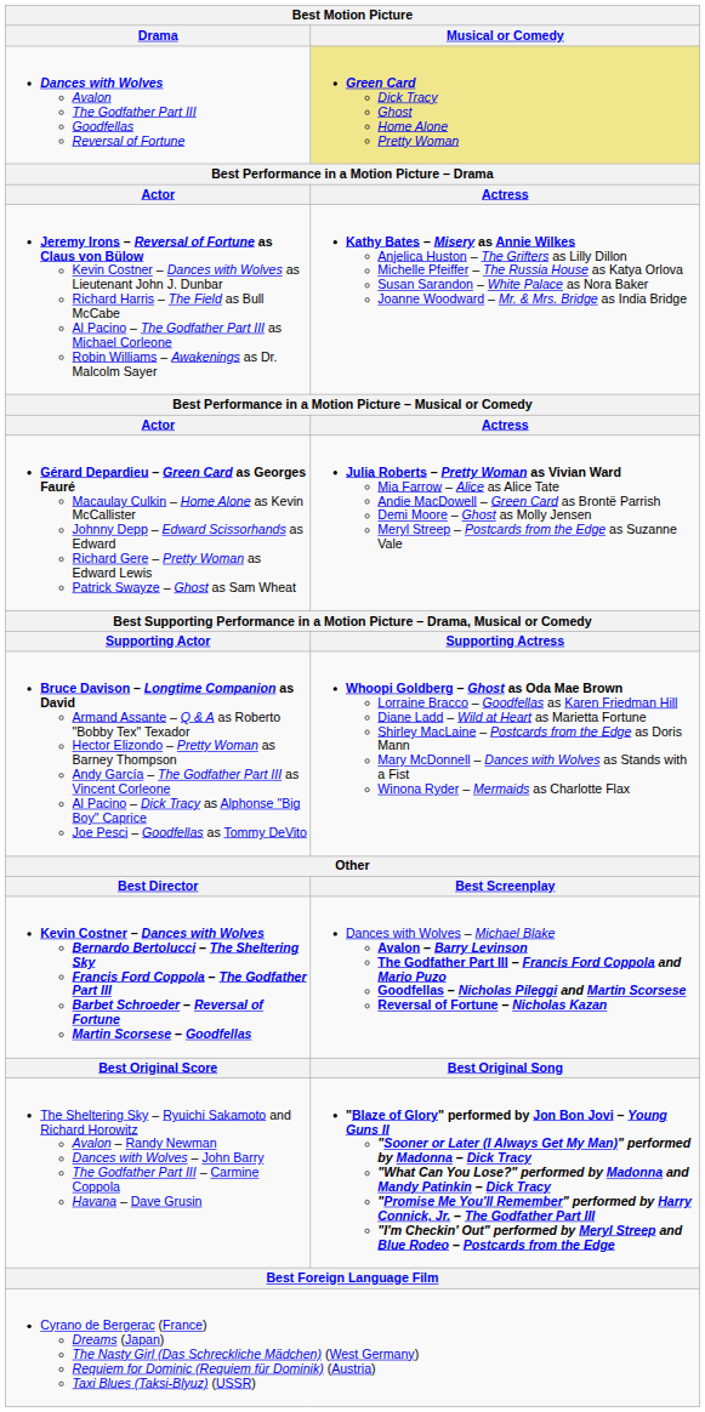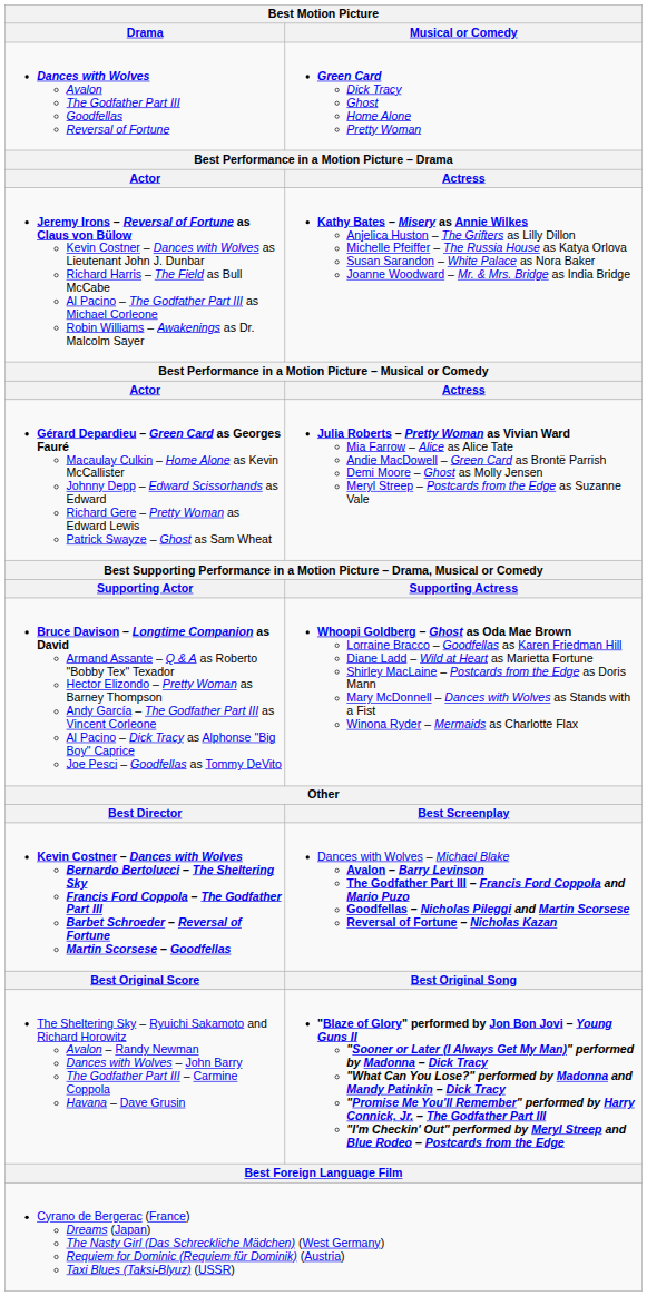 <table class="wikitable" style="width=100%">
 <tr>
 <th colspan="2">Best Motion Picture</th>
 </tr>
 <tr>
 <th style="width=50%"><a href='#'>Drama</a></th>
 <th style="width=50%"><a href='#'>Musical or Comedy</a></th>
 </tr>
 <tr>
 <td valign="top"><br><ul><li><strong><em><a href='#'>Dances with Wolves</a></em></strong><ul><li><em><a href='#'>Avalon</a></em></li><li><em><a href='#'>The Godfather Part III</a></em></li><li><em><a href='#'>Goodfellas</a></em></li><li><em><a href='#'>Reversal of Fortune</a></em></li></ul></li></ul></td>
-<td valign="top" style="background: khaki;"><br><ul><li><strong><em><a href='#'>Green Card</a></em></strong><ul><li><em><a href='#'>Dick Tracy</a></em></li><li><em><a href='#'>Ghost</a></em></li><li><em><a href='#'>Home Alone</a></em></li><li><em><a href='#'>Pretty Woman</a></em></li></ul></li></ul></td>
+<td valign="top"><br><ul><li><strong><em><a href='#'>Green Card</a></em></strong><ul><li><em><a href='#'>Dick Tracy</a></em></li><li><em><a href='#'>Ghost</a></em></li><li><em><a href='#'>Home Alone</a></em></li><li><em><a href='#'>Pretty Woman</a></em></li></ul></li></ul></td>
 </tr>
 <tr>
 <th colspan="2">Best Performance in a Motion Picture – Drama</th>
 </tr>
 <tr>
 <th><a href='#'>Actor</a></th>
 <th><a href='#'>Actress</a></th>
 </tr>
 <tr>
 <td valign="top"><br><ul><li><strong><a href='#'>Jeremy Irons</a> – <em><a href='#'>Reversal of Fortune</a></em> as <a href='#'>Claus von Bülow</a></strong><ul><li><a href='#'>Kevin Costner</a> – <em><a href='#'>Dances with Wolves</a></em> as Lieutenant John J. Dunbar</li><li><a href='#'>Richard Harris</a> – <em><a href='#'>The Field</a></em> as Bull McCabe</li><li><a href='#'>Al Pacino</a> – <em><a href='#'>The Godfather Part III</a></em> as <a href='#'>Michael Corleone</a></li><li><a href='#'>Robin Williams</a> – <em><a href='#'>Awakenings</a></em> as Dr. Malcolm Sayer</li></ul></li></ul></td>
 <td valign="top"><br><ul><li><strong><a href='#'>Kathy Bates</a> – <em><a href='#'>Misery</a></em> as <a href='#'>Annie Wilkes</a></strong><ul><li><a href='#'>Anjelica Huston</a> – <em><a href='#'>The Grifters</a></em> as Lilly Dillon</li><li><a href='#'>Michelle Pfeiffer</a> – <em><a href='#'>The Russia House</a></em> as Katya Orlova</li><li><a href='#'>Susan Sarandon</a> – <em><a href='#'>White Palace</a></em> as Nora Baker</li><li><a href='#'>Joanne Woodward</a> – <em><a href='#'>Mr. & Mrs. Bridge</a></em> as India Bridge</li></ul></li></ul></td>
 </tr>
 <tr>
 <th colspan="2">Best Performance in a Motion Picture – Musical or Comedy</th>
 </tr>
 <tr>
 <th><a href='#'>Actor</a></th>
 <th><a href='#'>Actress</a></th>
 </tr>
 <tr>
 <td valign="top"><br><ul><li><strong><a href='#'>Gérard Depardieu</a> – <em><a href='#'>Green Card</a></em> as Georges Fauré</strong><ul><li><a href='#'>Macaulay Culkin</a> – <em><a href='#'>Home Alone</a></em> as Kevin McCallister</li><li><a href='#'>Johnny Depp</a> – <em><a href='#'>Edward Scissorhands</a></em> as Edward</li><li><a href='#'>Richard Gere</a> – <em><a href='#'>Pretty Woman</a></em> as Edward Lewis</li><li><a href='#'>Patrick Swayze</a> – <em><a href='#'>Ghost</a></em> as Sam Wheat</li></ul></li></ul></td>
 <td valign="top"><br><ul><li><strong><a href='#'>Julia Roberts</a> – <em><a href='#'>Pretty Woman</a></em> as Vivian Ward</strong><ul><li><a href='#'>Mia Farrow</a> – <em><a href='#'>Alice</a></em> as Alice Tate</li><li><a href='#'>Andie MacDowell</a> – <em><a href='#'>Green Card</a></em> as Brontë Parrish</li><li><a href='#'>Demi Moore</a> – <em><a href='#'>Ghost</a></em> as Molly Jensen</li><li><a href='#'>Meryl Streep</a> – <em><a href='#'>Postcards from the Edge</a></em> as Suzanne Vale</li></ul></li></ul></td>
 </tr>
 <tr>
 <th colspan="2">Best Supporting Performance in a Motion Picture – Drama, Musical or Comedy</th>
 </tr>
 <tr>
 <th><a href='#'>Supporting Actor</a></th>
 <th><a href='#'>Supporting Actress</a></th>
 </tr>
 <tr>
 <td valign="top"><br><ul><li><strong><a href='#'>Bruce Davison</a> – <em><a href='#'>Longtime Companion</a></em> as David</strong><ul><li><a href='#'>Armand Assante</a> – <em><a href='#'>Q & A</a></em> as Roberto "Bobby Tex" Texador</li><li><a href='#'>Hector Elizondo</a> – <em><a href='#'>Pretty Woman</a></em> as Barney Thompson</li><li><a href='#'>Andy García</a> – <em><a href='#'>The Godfather Part III</a></em> as <a href='#'>Vincent Corleone</a></li><li><a href='#'>Al Pacino</a> – <em><a href='#'>Dick Tracy</a></em> as <a href='#'>Alphonse "Big Boy" Caprice</a></li><li><a href='#'>Joe Pesci</a> – <em><a href='#'>Goodfellas</a></em> as <a href='#'>Tommy DeVito</a></li></ul></li></ul></td>
 <td valign="top"><br><ul><li><strong><a href='#'>Whoopi Goldberg</a> – <em><a href='#'>Ghost</a></em> as Oda Mae Brown</strong><ul><li><a href='#'>Lorraine Bracco</a> – <em><a href='#'>Goodfellas</a></em> as <a href='#'>Karen Friedman Hill</a></li><li><a href='#'>Diane Ladd</a> – <em><a href='#'>Wild at Heart</a></em> as Marietta Fortune</li><li><a href='#'>Shirley MacLaine</a> – <em><a href='#'>Postcards from the Edge</a></em> as Doris Mann</li><li><a href='#'>Mary McDonnell</a> – <em><a href='#'>Dances with Wolves</a></em> as Stands with a Fist</li><li><a href='#'>Winona Ryder</a> – <em><a href='#'>Mermaids</a></em> as Charlotte Flax</li></ul></li></ul></td>
 </tr>
 <tr>
 <th colspan=2>Other</th>
 </tr>
 <tr>
 <th><a href='#'>Best Director</a></th>
 <th><a href='#'>Best Screenplay</a></th>
 </tr>
 <tr>
 <td valign="top"><br><ul><li><strong><a href='#'>Kevin Costner</a> – <em><a href='#'>Dances with Wolves</a><strong><em><ul><li><a href='#'>Bernardo Bertolucci</a> – </em><a href='#'>The Sheltering Sky</a><em></li><li><a href='#'>Francis Ford Coppola</a> – </em><a href='#'>The Godfather Part III</a><em></li><li><a href='#'>Barbet Schroeder</a> – </em><a href='#'>Reversal of Fortune</a><em></li><li><a href='#'>Martin Scorsese</a> – </em><a href='#'>Goodfellas</a><em></li></ul></li></ul></td>
 <td valign="top"><br><ul><li></strong> </em><a href='#'>Dances with Wolves</a><em> – <a href='#'>Michael Blake</a><strong><ul><li></em><a href='#'>Avalon</a><em> – <a href='#'>Barry Levinson</a></li><li></em><a href='#'>The Godfather Part III</a><em> – <a href='#'>Francis Ford Coppola</a> and <a href='#'>Mario Puzo</a></li><li></em><a href='#'>Goodfellas</a><em> – <a href='#'>Nicholas Pileggi</a> and <a href='#'>Martin Scorsese</a></li><li></em><a href='#'>Reversal of Fortune</a><em> – <a href='#'>Nicholas Kazan</a></li></ul></li></ul></td>
 </tr>
 <tr>
 <th><a href='#'>Best Original Score</a></th>
 <th><a href='#'>Best Original Song</a></th>
 </tr>
 <tr>
 <td valign="top"><br><ul><li></em></strong><a href='#'>The Sheltering Sky</a></em> – <a href='#'>Ryuichi Sakamoto</a> and <a href='#'>Richard Horowitz</a></strong><ul><li><em><a href='#'>Avalon</a></em> – <a href='#'>Randy Newman</a></li><li><em><a href='#'>Dances with Wolves</a></em> – <a href='#'>John Barry</a></li><li><em><a href='#'>The Godfather Part III</a></em> – <a href='#'>Carmine Coppola</a></li><li><em><a href='#'>Havana</a></em> – <a href='#'>Dave Grusin</a></li></ul></li></ul></td>
 <td valign="top"><br><ul><li><strong>"<a href='#'>Blaze of Glory</a>" performed by <a href='#'>Jon Bon Jovi</a> – <em><a href='#'>Young Guns II</a><strong><em><ul><li>"<a href='#'>Sooner or Later (I Always Get My Man)</a>" performed by <a href='#'>Madonna</a> – </em><a href='#'>Dick Tracy</a><em></li><li>"What Can You Lose?" performed by <a href='#'>Madonna</a> and <a href='#'>Mandy Patinkin</a> – </em><a href='#'>Dick Tracy</a><em></li><li>"<a href='#'>Promise Me You'll Remember</a>" performed by <a href='#'>Harry Connick, Jr.</a> – </em><a href='#'>The Godfather Part III</a><em></li><li>"I'm Checkin' Out" performed by <a href='#'>Meryl Streep</a> and <a href='#'>Blue Rodeo</a> – </em><a href='#'>Postcards from the Edge</a><em></li></ul></li></ul></td>
 </tr>
 <tr>
 <th colspan=2><a href='#'>Best Foreign Language Film</a></th>
 </tr>
 <tr>
 <td colspan=2 style="vertical-align:top;"><br><ul><li></em></strong><a href='#'>Cyrano de Bergerac</a></em> (<a href='#'>France</a>)</strong><ul><li><em><a href='#'>Dreams</a></em> (<a href='#'>Japan</a>)</li><li><em><a href='#'>The Nasty Girl (Das Schreckliche Mädchen)</a></em> (<a href='#'>West Germany</a>)</li><li><em><a href='#'>Requiem for Dominic (Requiem für Dominik)</a></em> (<a href='#'>Austria</a>)</li><li><em><a href='#'>Taxi Blues (Taksi-Blyuz)</a></em> (<a href='#'>USSR</a>)</li></ul></li></ul></td>
 </tr>
 </table>
